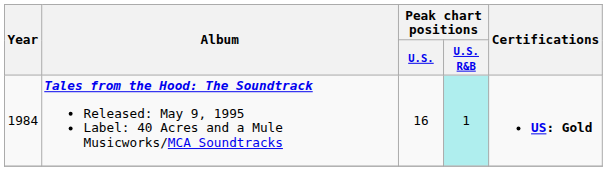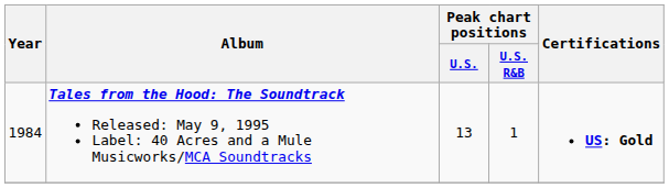 <table class="wikitable">
 <tr>
 <th rowspan="2">Year</th>
 <th rowspan="2">Album</th>
 <th colspan="2">Peak chart positions</th>
 <th rowspan="2">Certifications</th>
 </tr>
 <tr>
 <th width=40><small><a href='#'>U.S.</a></small></th>
 <th width=40><small><a href='#'>U.S. R&B</a></small></th>
 </tr>
 <tr>
 <td>1984</td>
 <td><strong><em><a href='#'>Tales from the Hood: The Soundtrack</a></em></strong><br><ul><li>Released: May 9, 1995</li><li>Label: 40 Acres and a Mule Musicworks/<a href='#'>MCA Soundtracks</a></li></ul></td>
-<td align="center">16</td>
-<td align="center" style="background: paleturquoise;">1</td>
+<td align="center">13</td>
+<td align="center">1</td>
 <td><strong><br><ul><li><a href='#'>US</a>: Gold</li></ul></strong></td>
 </tr>
 <tr>
 </tr>
 </table>
